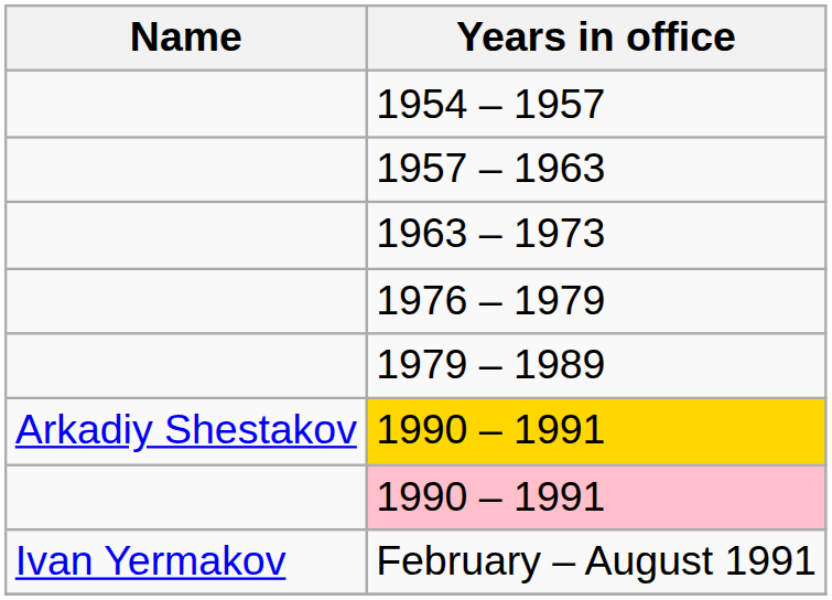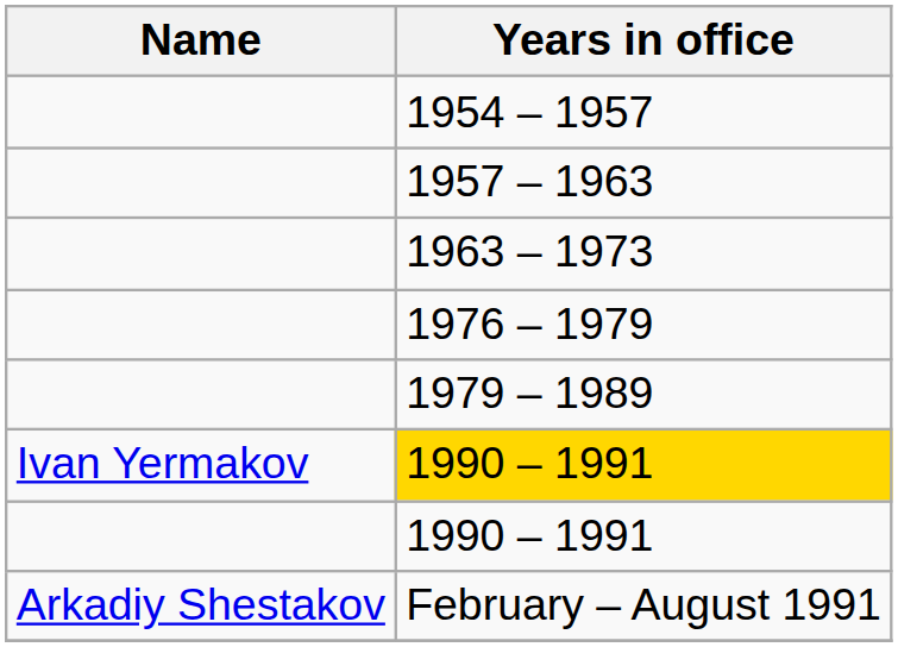 <table class="wikitable">
 <tr>
 <th>Name</th>
 <th>Years in office</th>
 </tr>
 <tr>
 <td></td>
 <td>1954 – 1957</td>
 </tr>
 <tr>
 <td></td>
 <td>1957 – 1963</td>
 </tr>
 <tr>
 <td></td>
 <td>1963 – 1973</td>
 </tr>
 <tr>
 <td></td>
 <td>1976 – 1979</td>
 </tr>
 <tr>
 <td></td>
 <td>1979 – 1989</td>
 </tr>
 <tr>
-<td><a href='#'>Arkadiy Shestakov</a></td>
+<td><a href='#'>Ivan Yermakov</a></td>
 <td style="background: gold;">1990 – 1991</td>
 </tr>
 <tr>
 <td></td>
-<td style="background: pink;">1990 – 1991</td>
+<td>1990 – 1991</td>
 </tr>
 <tr>
-<td><a href='#'>Ivan Yermakov</a></td>
+<td><a href='#'>Arkadiy Shestakov</a></td>
 <td>February – August 1991</td>
 </tr>
 <tr>
 </tr>
 </table>
